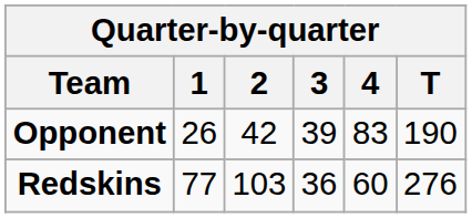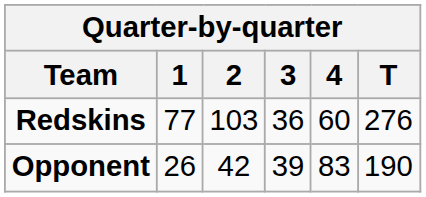 <table class="wikitable" style="text-align:center">
 <tr>
 <th colspan="6">Quarter-by-quarter</th>
 </tr>
 <tr>
 <th>Team</th>
 <th>1</th>
 <th>2</th>
 <th>3</th>
 <th>4</th>
 <th>T</th>
 </tr>
 <tr>
+<td><strong>Redskins</strong></td>
+<td>77</td>
+<td>103</td>
+<td>36</td>
+<td>60</td>
+<td>276</td>
+</tr>
+<tr>
 <td><strong>Opponent</strong></td>
 <td>26</td>
 <td>42</td>
 <td>39</td>
 <td>83</td>
 <td>190</td>
 </tr>
-<tr>
-<td><strong>Redskins</strong></td>
-<td>77</td>
-<td>103</td>
-<td>36</td>
-<td>60</td>
-<td>276</td>
-</tr>
 </table>
